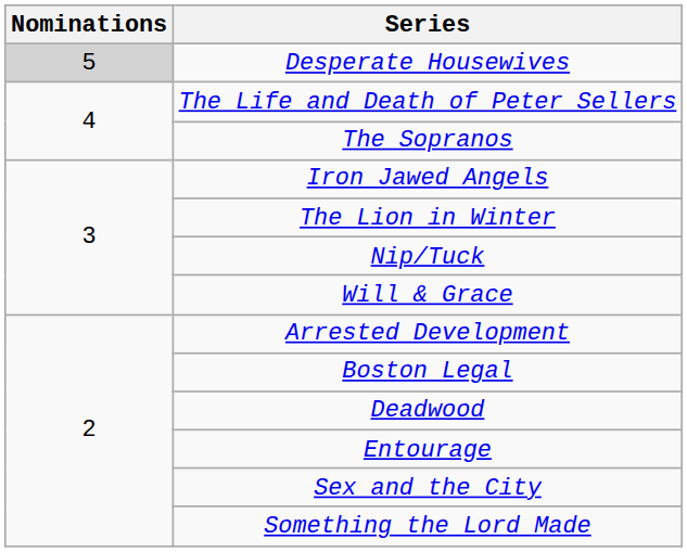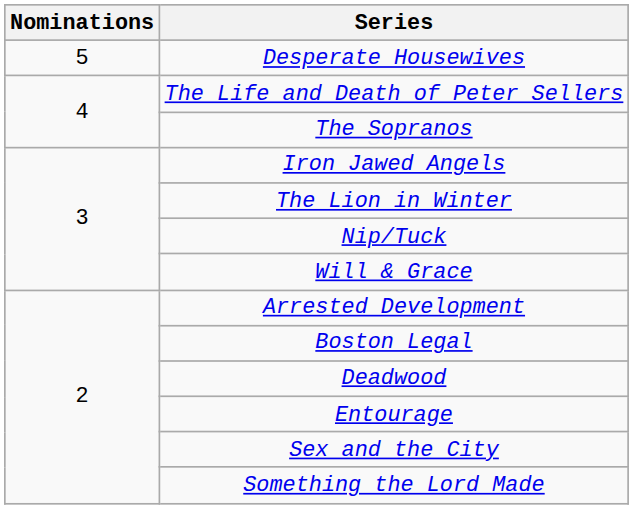 <table class="wikitable" style="text-align: center">
 <tr>
 <th scope="col" width="55">Nominations</th>
 <th scope="col" align="center">Series</th>
 </tr>
 <tr>
-<td align="center" style="background: lightgrey;">5</td>
+<td align="center">5</td>
 <td><em><a href='#'>Desperate Housewives</a></em></td>
 </tr>
 <tr>
 <td rowspan=2 style="text-align:center">4</td>
 <td><em><a href='#'>The Life and Death of Peter Sellers</a></em></td>
 </tr>
 <tr>
 <td><em><a href='#'>The Sopranos</a></em></td>
 </tr>
 <tr>
 <td rowspan=4 style="text-align:center">3</td>
 <td><em><a href='#'>Iron Jawed Angels</a></em></td>
 </tr>
 <tr>
 <td><em><a href='#'>The Lion in Winter</a></em></td>
 </tr>
 <tr>
 <td><em><a href='#'>Nip/Tuck</a></em></td>
 </tr>
 <tr>
 <td><em><a href='#'>Will & Grace</a></em></td>
 </tr>
 <tr>
 <td rowspan=6 style="text-align:center">2</td>
 <td><em><a href='#'>Arrested Development</a></em></td>
 </tr>
 <tr>
 <td><em><a href='#'>Boston Legal</a></em></td>
 </tr>
 <tr>
 <td><em><a href='#'>Deadwood</a></em></td>
 </tr>
 <tr>
 <td><em><a href='#'>Entourage</a></em></td>
 </tr>
 <tr>
 <td><em><a href='#'>Sex and the City</a></em></td>
 </tr>
 <tr>
 <td><em><a href='#'>Something the Lord Made</a></em></td>
 </tr>
 </table>
